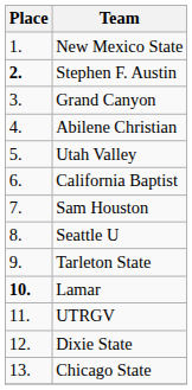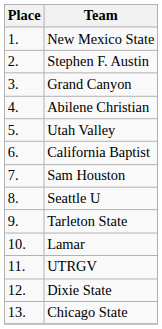 <table class="wikitable">
 <tr>
 <th>Place</th>
 <th>Team</th>
 </tr>
 <tr>
 <td>1.</td>
 <td ! style=>New Mexico State</td>
 </tr>
 <tr>
-<td><strong>2.</strong></td>
+<td>2.</td>
 <td ! style=>Stephen F. Austin</td>
 </tr>
 <tr>
 <td>3.</td>
 <td ! style=>Grand Canyon</td>
 </tr>
 <tr>
 <td>4.</td>
 <td ! style=>Abilene Christian</td>
 </tr>
 <tr>
 <td>5.</td>
 <td ! style=>Utah Valley</td>
 </tr>
 <tr>
 <td>6.</td>
 <td ! style=>California Baptist</td>
 </tr>
 <tr>
 <td>7.</td>
 <td ! style=>Sam Houston</td>
 </tr>
 <tr>
 <td>8.</td>
 <td ! style=>Seattle U</td>
 </tr>
 <tr>
 <td>9.</td>
 <td ! style=>Tarleton State</td>
 </tr>
 <tr>
-<td><strong>10.</strong></td>
+<td>10.</td>
 <td ! style=>Lamar</td>
 </tr>
 <tr>
 <td>11.</td>
 <td ! style=>UTRGV</td>
 </tr>
 <tr>
 <td>12.</td>
 <td ! style=>Dixie State</td>
 </tr>
 <tr>
 <td>13.</td>
 <td ! style=>Chicago State</td>
 </tr>
 <tr>
 </tr>
 </table>
